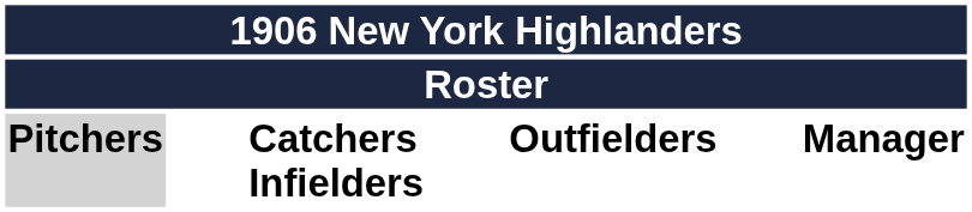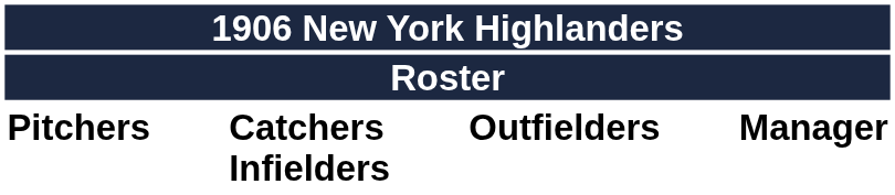 <table class="toccolours" style="font-size: 95%;">
 <tr>
 <th colspan="10" style="background:#1c2841; color:white; text-align:center;">1906 New York Highlanders</th>
 </tr>
 <tr>
 <td colspan="10" style="background:#1c2841; color:white; text-align:center;"><strong>Roster</strong></td>
 </tr>
 <tr>
-<td valign="top" style="background: lightgrey;"><strong>Pitchers</strong><br>          </td>
+<td valign="top"><strong>Pitchers</strong><br>          </td>
 <td style="width:25px;"></td>
 <td valign="top"><strong>Catchers</strong><br>   <strong>Infielders</strong>      </td>
 <td style="width:25px;"></td>
 <td valign="top"><strong>Outfielders</strong><br>     </td>
 <td style="width:25px;"></td>
 <td valign="top"><strong>Manager</strong><br></td>
 </tr>
 </table>
